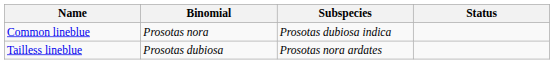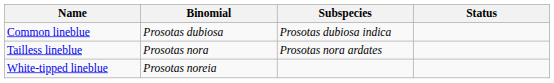 <table width=60% class="wikitable">
 <tr>
 <th width=20%>Name</th>
 <th width=20%>Binomial</th>
 <th width=20%>Subspecies</th>
 <th width=20%>Status</th>
 </tr>
 <tr>
 <td><a href='#'>Common lineblue</a><br>  </td>
-<td><em>Prosotas nora</em></td>
+<td><em>Prosotas dubiosa</em></td>
 <td><em>Prosotas dubiosa indica</em></td>
 <td></td>
 </tr>
 <tr>
 <td><a href='#'>Tailless lineblue</a><br>  </td>
-<td><em>Prosotas dubiosa</em></td>
+<td><em>Prosotas nora</em></td>
 <td><em>Prosotas nora ardates</em></td>
 <td></td>
 </tr>
+<tr>
+<td><a href='#'>White-tipped lineblue</a><br>  </td>
+<td><em>Prosotas noreia</em></td>
+<td></td>
+<td></td>
+</tr>
 </table>
